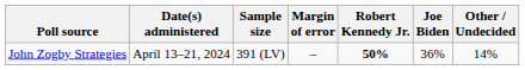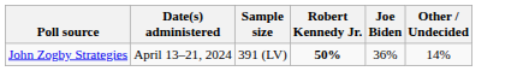 <table class="wikitable sortable mw-datatable" style="font-size:90%;text-align:center;line-height:17px">
 <tr valign=bottom>
 <th>Poll source</th>
 <th>Date(s)<br>administered</th>
 <th>Sample<br>size</th>
-<th>Margin<br>of error</th>
 <th class="unsortable">Robert<br>Kennedy Jr.<br></th>
 <th class="unsortable">Joe<br>Biden<br></th>
 <th class="unsortable">Other /<br>Undecided</th>
 </tr>
 <tr>
 <td style="text-align:left;"><a href='#'>John Zogby Strategies</a></td>
 <td data-sort-value="2024-05-01">April 13–21, 2024</td>
 <td>391 (LV)</td>
-<td>–</td>
 <td style="background-color:"><strong>50%</strong></td>
 <td>36%</td>
 <td>14%</td>
 </tr>
 </table>
